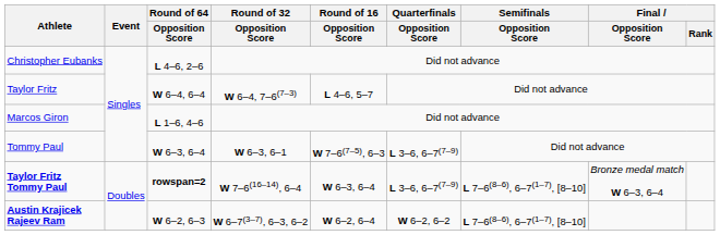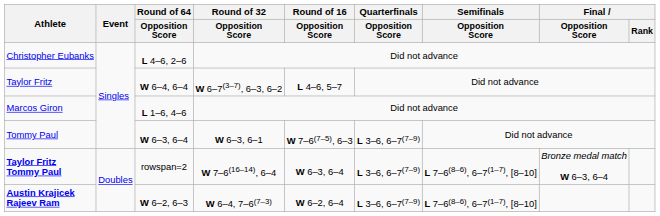 <table class=wikitable style=font-size:90%;text-align:center>
 <tr>
 <th rowspan=2>Athlete</th>
 <th rowspan=2>Event</th>
 <th>Round of 64</th>
 <th>Round of 32</th>
 <th>Round of 16</th>
 <th>Quarterfinals</th>
 <th>Semifinals</th>
 <th colspan=2>Final / </th>
 </tr>
 <tr style=font-size:95%>
 <th>Opposition<br>Score</th>
 <th>Opposition<br>Score</th>
 <th>Opposition<br>Score</th>
 <th>Opposition<br>Score</th>
 <th>Opposition<br>Score</th>
 <th>Opposition<br>Score</th>
 <th>Rank</th>
 </tr>
 <tr>
 <td align=left><a href='#'>Christopher Eubanks</a></td>
 <td align=left rowspan=4><a href='#'>Singles</a></td>
 <td><br><strong>L</strong> 4–6, 2–6</td>
 <td colspan=6>Did not advance</td>
 </tr>
 <tr>
 <td align=left><a href='#'>Taylor Fritz</a></td>
 <td><br><strong>W</strong> 6–4, 6–4</td>
-<td><br><strong>W</strong> 6–4, 7–6<sup>(7–3)</sup></td>
+<td><br><strong>W</strong> 6–7<sup>(3–7)</sup>, 6–3, 6–2</td>
 <td><br><strong>L</strong> 4–6, 5–7</td>
 <td colspan=4>Did not advance</td>
 </tr>
 <tr>
 <td align=left><a href='#'>Marcos Giron</a></td>
 <td><br><strong>L</strong> 1–6, 4–6</td>
 <td colspan=6>Did not advance</td>
 </tr>
 <tr>
 <td align=left><a href='#'>Tommy Paul</a></td>
 <td><br><strong>W</strong> 6–3, 6–4</td>
 <td><br><strong>W</strong> 6–3, 6–1</td>
 <td><br><strong>W</strong> 7–6<sup>(7–5)</sup>, 6–3</td>
 <td><br><strong>L</strong> 3–6, 6–7<sup>(7–9)</sup></td>
 <td colspan=3>Did not advance</td>
 </tr>
 <tr>
 <td align=left><strong><a href='#'>Taylor Fritz</a><br><a href='#'>Tommy Paul</a></strong></td>
 <td align=left rowspan=2><a href='#'>Doubles</a></td>
-<td><strong>rowspan=2 </strong></td>
+<td>rowspan=2 </td>
 <td><br><strong>W</strong> 7–6<sup>(16–14)</sup>, 6–4</td>
 <td><br><strong>W</strong> 6–3, 6–4</td>
 <td><br><strong>L</strong> 3–6, 6–7<sup>(7–9)</sup></td>
 <td><br><strong>L</strong> 7–6<sup>(8–6)</sup>, 6–7<sup>(1–7)</sup>, [8–10]</td>
 <td><em>Bronze medal match</em><br><br><strong>W</strong> 6–3, 6–4</td>
 <td></td>
 </tr>
 <tr>
 <td align=left><strong><a href='#'>Austin Krajicek</a><br><a href='#'>Rajeev Ram</a></strong></td>
 <td><br><strong>W</strong> 6–2, 6–3</td>
-<td><br><strong>W</strong> 6–7<sup>(3–7)</sup>, 6–3, 6–2</td>
+<td><br><strong>W</strong> 6–4, 7–6<sup>(7–3)</sup></td>
 <td><br><strong>W</strong> 6–2, 6–4</td>
-<td><br><strong>W</strong> 6–2, 6–2</td>
+<td><br><strong>L</strong> 3–6, 6–7<sup>(7–9)</sup></td>
 <td><br><strong>L</strong> 7–6<sup>(8–6)</sup>, 6–7<sup>(1–7)</sup>, [8–10]</td>
 <td></td>
 </tr>
 </table>
